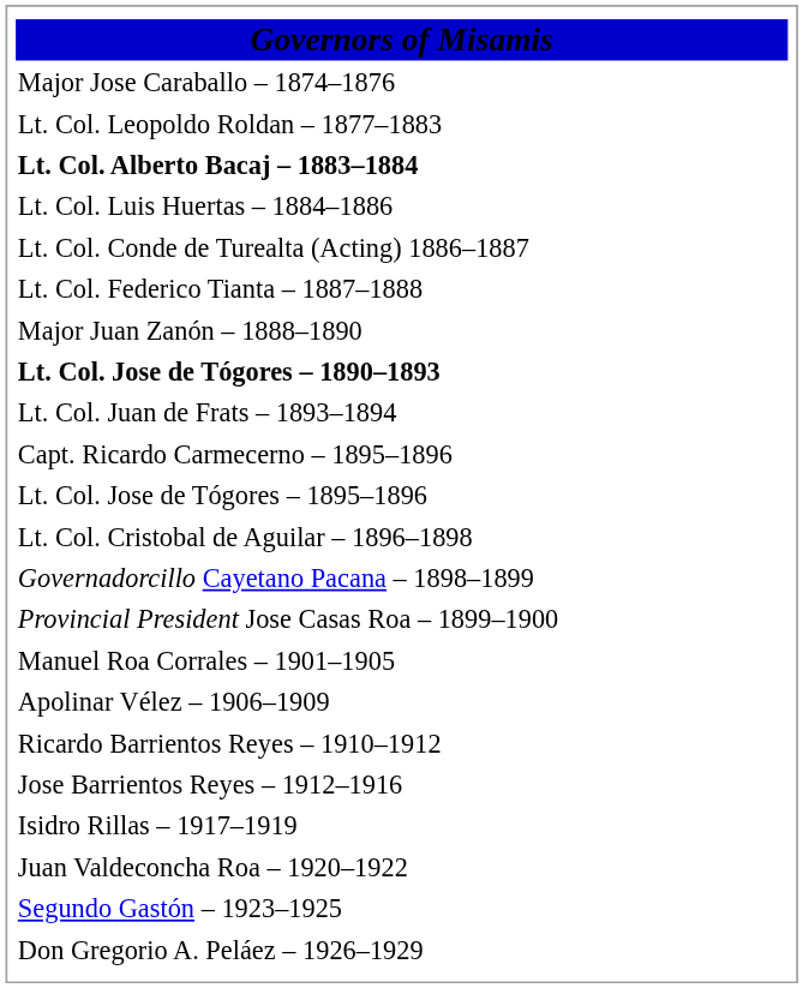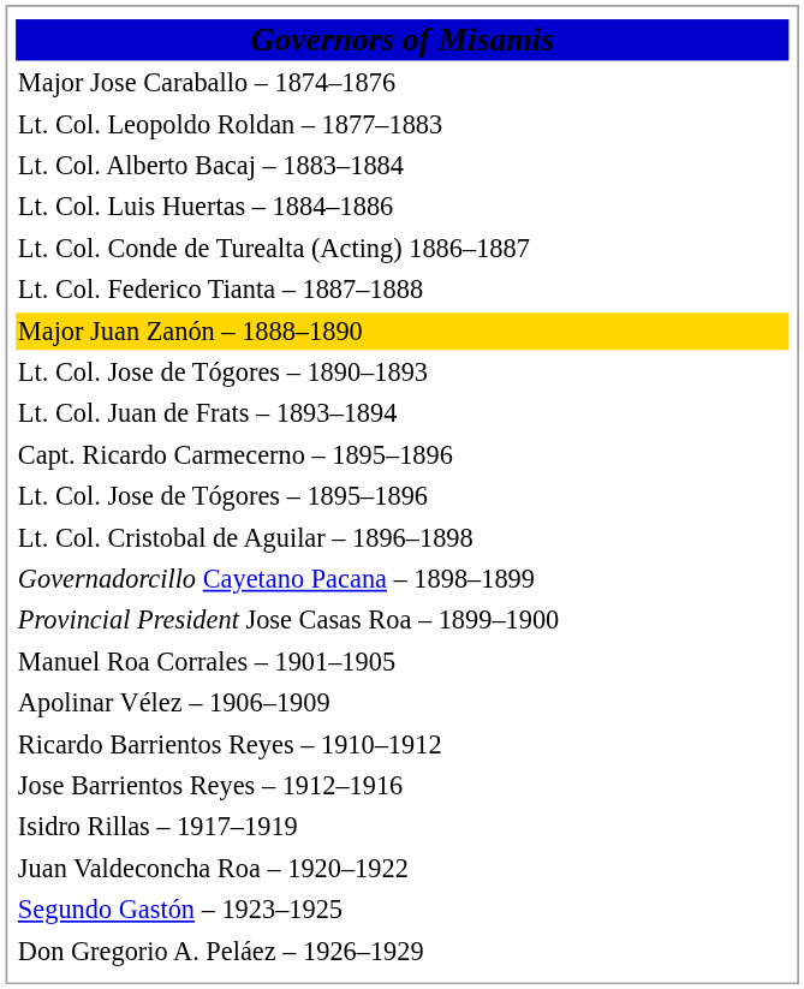 <table style="margin:1em 1em 1em 1em; width:24em; border: 1px solid #a0a0a0; padding: 2px; bg-color=yellow; text-align:right;">
 <tr style="text-align:center;">
 </tr>
 <tr bgcolor="#0000cc" align="center">
 <th><span><strong><em>Governors of Misamis</em></strong></span></th>
 </tr>
 <tr style="text-align:left; font-size:small;">
 <td>Major Jose Caraballo – 1874–1876</td>
 </tr>
 <tr style="text-align:left; font-size:small;">
 <td>Lt. Col. Leopoldo Roldan – 1877–1883</td>
 </tr>
 <tr style="text-align:left; font-size:small;">
-<td><strong>Lt. Col. Alberto Bacaj – 1883–1884</strong></td>
+<td>Lt. Col. Alberto Bacaj – 1883–1884</td>
 </tr>
 <tr style="text-align:left; font-size:small;">
 <td>Lt. Col. Luis Huertas – 1884–1886</td>
 </tr>
 <tr style="text-align:left; font-size:small;">
 <td>Lt. Col. Conde de Turealta (Acting) 1886–1887</td>
 </tr>
 <tr style="text-align:left; font-size:small;">
 <td>Lt. Col. Federico Tianta – 1887–1888</td>
 </tr>
 <tr style="text-align:left; font-size:small;">
-<td>Major Juan Zanón – 1888–1890</td>
+<td style="background: gold;">Major Juan Zanón – 1888–1890</td>
 </tr>
 <tr style="text-align:left; font-size:small;">
-<td><strong>Lt. Col. Jose de Tógores – 1890–1893</strong></td>
+<td>Lt. Col. Jose de Tógores – 1890–1893</td>
 </tr>
 <tr style="text-align:left; font-size:small;">
 <td>Lt. Col. Juan de Frats – 1893–1894</td>
 </tr>
 <tr style="text-align:left; font-size:small;">
 <td>Capt. Ricardo Carmecerno – 1895–1896</td>
 </tr>
 <tr style="text-align:left; font-size:small;">
 <td>Lt. Col. Jose de Tógores – 1895–1896</td>
 </tr>
 <tr style="text-align:left; font-size:small;">
 <td>Lt. Col. Cristobal de Aguilar – 1896–1898</td>
 </tr>
 <tr style="text-align:left; font-size:small;">
 <td><em>Governadorcillo</em> <a href='#'>Cayetano Pacana</a> – 1898–1899</td>
 </tr>
 <tr style="text-align:left; font-size:small;">
 <td><em>Provincial President</em> Jose Casas Roa – 1899–1900</td>
 </tr>
 <tr style="text-align:left; font-size:small;">
 <td>Manuel Roa Corrales – 1901–1905</td>
 </tr>
 <tr style="text-align:left; font-size:small;">
 <td>Apolinar Vélez – 1906–1909</td>
 </tr>
 <tr style="text-align:left; font-size:small;">
 <td>Ricardo Barrientos Reyes – 1910–1912</td>
 </tr>
 <tr style="text-align:left; font-size:small;">
 <td>Jose Barrientos Reyes  – 1912–1916</td>
 </tr>
 <tr style="text-align:left; font-size:small;">
 <td>Isidro Rillas – 1917–1919</td>
 </tr>
 <tr style="text-align:left; font-size:small;">
 <td>Juan Valdeconcha Roa – 1920–1922</td>
 </tr>
 <tr style="text-align:left; font-size:small;">
 <td><a href='#'>Segundo Gastón</a> – 1923–1925</td>
 </tr>
 <tr style="text-align:left; font-size:small;">
 <td>Don Gregorio A. Peláez – 1926–1929</td>
 </tr>
 <tr style="text-align:left; font-size:small;">
 </tr>
 </table>
